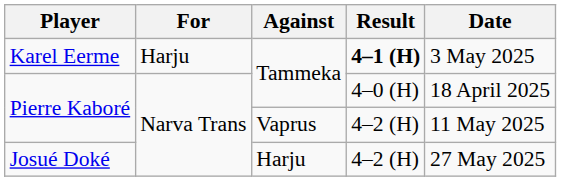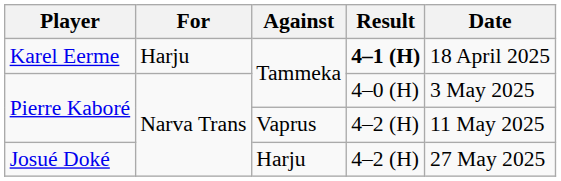 <table class="wikitable sortable">
 <tr>
 <th>Player</th>
 <th>For</th>
 <th>Against</th>
 <th style="text-align:center">Result</th>
 <th>Date</th>
 </tr>
 <tr>
 <td> <a href='#'>Karel Eerme</a></td>
 <td>Harju</td>
 <td rowspan=2>Tammeka</td>
 <td><strong>4–1 (H)</strong></td>
-<td>3 May 2025</td>
+<td>18 April 2025</td>
 </tr>
 <tr>
 <td rowspan=2> <a href='#'>Pierre Kaboré</a></td>
 <td rowspan=3>Narva Trans</td>
 <td>4–0 (H)</td>
-<td>18 April 2025</td>
+<td>3 May 2025</td>
 </tr>
 <tr>
 <td>Vaprus</td>
 <td>4–2 (H)</td>
 <td>11 May 2025</td>
 </tr>
 <tr>
 <td> <a href='#'>Josué Doké</a></td>
 <td>Harju</td>
 <td>4–2 (H)</td>
 <td>27 May 2025</td>
 </tr>
 </table>
